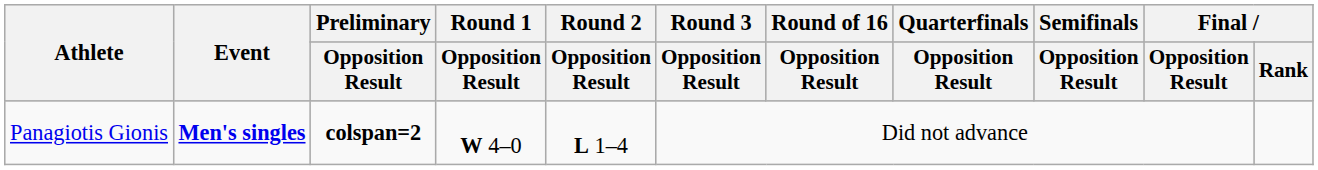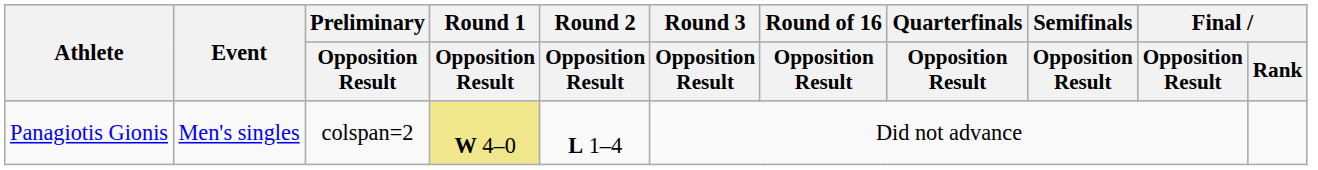 <table class="wikitable" style="font-size:90%;">
 <tr>
 <th rowspan=2>Athlete</th>
 <th rowspan=2>Event</th>
 <th>Preliminary</th>
 <th>Round 1</th>
 <th>Round 2</th>
 <th>Round 3</th>
 <th>Round of 16</th>
 <th>Quarterfinals</th>
 <th>Semifinals</th>
 <th colspan=2>Final / </th>
 </tr>
 <tr style="font-size:95%">
 <th>Opposition<br>Result</th>
 <th>Opposition<br>Result</th>
 <th>Opposition<br>Result</th>
 <th>Opposition<br>Result</th>
 <th>Opposition<br>Result</th>
 <th>Opposition<br>Result</th>
 <th>Opposition<br>Result</th>
 <th>Opposition<br>Result</th>
 <th>Rank</th>
 </tr>
 <tr align=center>
 <td align=left><a href='#'>Panagiotis Gionis</a></td>
-<td align=left><strong><a href='#'>Men's singles</a></strong></td>
-<td><strong>colspan=2 </strong></td>
-<td><br><strong>W</strong> 4–0</td>
+<td align=left><a href='#'>Men's singles</a></td>
+<td>colspan=2 </td>
+<td style="background: khaki;"><br><strong>W</strong> 4–0</td>
 <td><br><strong>L</strong> 1–4</td>
 <td colspan=5>Did not advance</td>
 </tr>
 </table>
